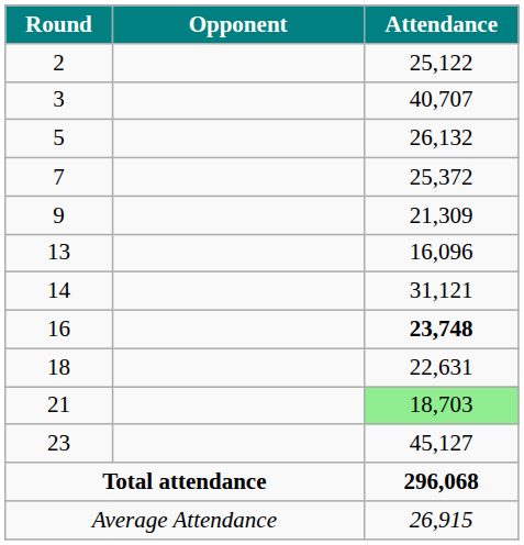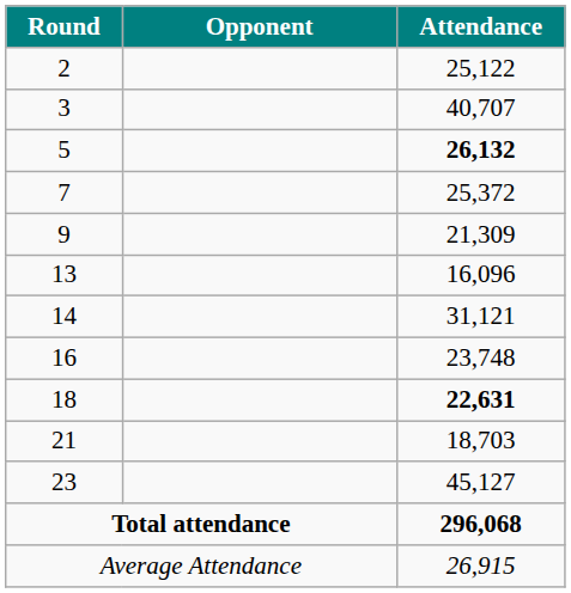 <table class="wikitable sortable" style="text-align:center; font-size:90%">
 <tr>
 <th width=60 style="background:teal; color:white; text-align:center;">Round</th>
 <th width=150 style="background:teal; color:white; text-align:center;" class="unsortable">Opponent</th>
 <th width=90 style="background:teal; color:white; text-align:center;">Attendance</th>
 </tr>
 <tr>
 <td>2</td>
 <td></td>
 <td>25,122</td>
 </tr>
 <tr>
 <td>3</td>
 <td></td>
 <td>40,707</td>
 </tr>
 <tr>
 <td>5</td>
 <td></td>
-<td>26,132</td>
+<td><strong>26,132</strong></td>
 </tr>
 <tr>
 <td>7</td>
 <td></td>
 <td>25,372</td>
 </tr>
 <tr>
 <td>9</td>
 <td></td>
 <td>21,309</td>
 </tr>
 <tr>
 <td>13</td>
 <td></td>
 <td>16,096</td>
 </tr>
 <tr>
 <td>14</td>
 <td></td>
 <td>31,121</td>
 </tr>
 <tr>
 <td>16</td>
 <td></td>
-<td><strong>23,748</strong></td>
+<td>23,748</td>
 </tr>
 <tr>
 <td>18</td>
 <td></td>
-<td>22,631</td>
+<td><strong>22,631</strong></td>
 </tr>
 <tr>
 <td>21</td>
 <td></td>
-<td style="background: lightgreen;">18,703</td>
+<td>18,703</td>
 </tr>
 <tr>
 <td>23</td>
 <td></td>
 <td>45,127</td>
 </tr>
 <tr class="sortbottom">
 <td colspan="2"><strong>Total attendance</strong></td>
 <td><strong>296,068</strong></td>
 </tr>
 <tr class="sortbottom">
 <td colspan="2"><em>Average Attendance</em></td>
 <td><em>26,915</em></td>
 </tr>
 </table>
